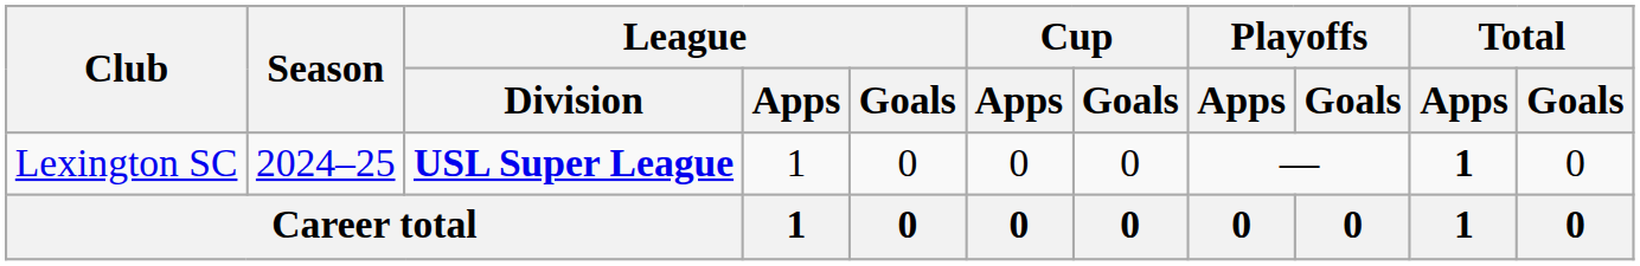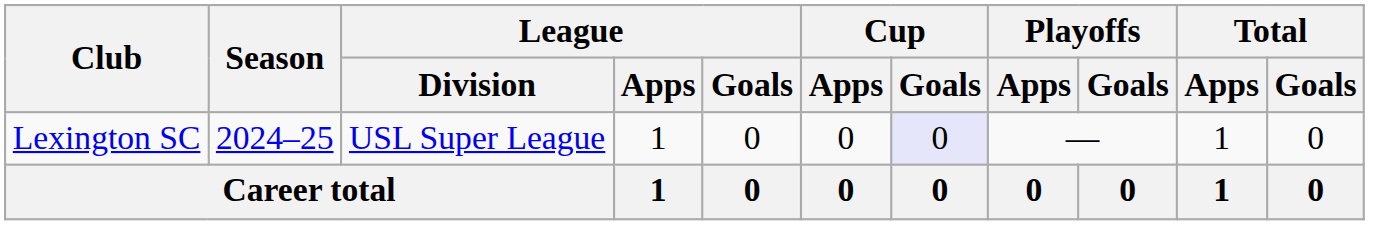 <table class="wikitable" style="text-align: center;">
 <tr>
 <th rowspan="2">Club</th>
 <th rowspan="2">Season</th>
 <th colspan="3">League</th>
 <th colspan="2">Cup</th>
 <th colspan="2">Playoffs</th>
 <th colspan="2">Total</th>
 </tr>
 <tr>
 <th>Division</th>
 <th>Apps</th>
 <th>Goals</th>
 <th>Apps</th>
 <th>Goals</th>
 <th>Apps</th>
 <th>Goals</th>
 <th>Apps</th>
 <th>Goals</th>
 </tr>
 <tr>
 <td><a href='#'>Lexington SC</a></td>
 <td><a href='#'>2024–25</a></td>
-<td><strong><a href='#'>USL Super League</a></strong></td>
+<td><a href='#'>USL Super League</a></td>
 <td>1</td>
 <td>0</td>
 <td>0</td>
-<td>0</td>
+<td style="background: lavender;">0</td>
 <td colspan="2">—</td>
-<td><strong>1</strong></td>
+<td>1</td>
 <td>0</td>
 </tr>
 <tr>
 <th colspan="3">Career total</th>
 <th>1</th>
 <th>0</th>
 <th>0</th>
 <th>0</th>
 <th>0</th>
 <th>0</th>
 <th>1</th>
 <th>0</th>
 </tr>
 </table>
